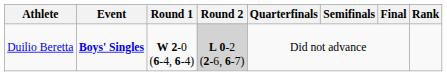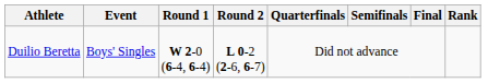 <table class=wikitable style="font-size:90%">
 <tr>
 <th>Athlete</th>
 <th>Event</th>
 <th>Round 1</th>
 <th>Round 2</th>
 <th>Quarterfinals</th>
 <th>Semifinals</th>
 <th>Final</th>
 <th>Rank</th>
 </tr>
 <tr>
 <td><a href='#'>Duilio Beretta</a></td>
-<td><strong><a href='#'>Boys' Singles</a></strong></td>
+<td><a href='#'>Boys' Singles</a></td>
 <td align=center><br><strong>W</strong> <strong>2</strong>-0<br> (<strong>6</strong>-4, <strong>6</strong>-4)</td>
-<td align=center style="background: lightgrey;"><br><strong>L</strong> <strong>0</strong>-2<br> (<strong>2</strong>-6, <strong>6</strong>-7)</td>
+<td align=center><br><strong>L</strong> <strong>0</strong>-2<br> (<strong>2</strong>-6, <strong>6</strong>-7)</td>
 <td colspan="3" style="text-align:center;">Did not advance</td>
 <td align=center></td>
 </tr>
 </table>
